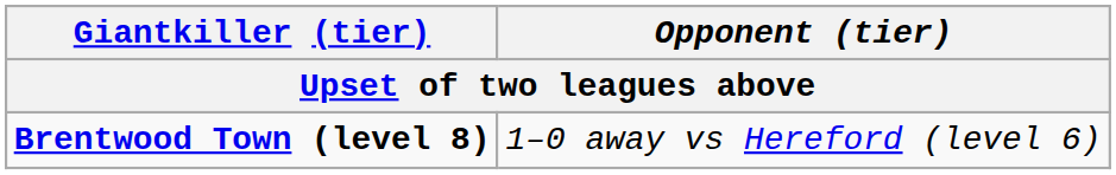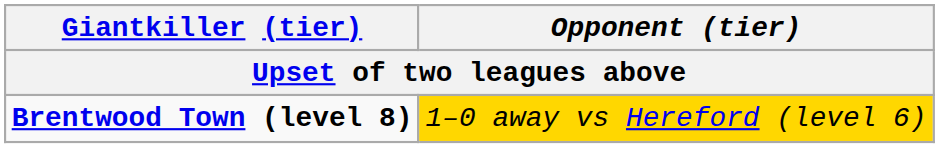 <table class="wikitable" style="text-align:center;">
 <tr>
 <th scope="col"><a href='#'>Giantkiller</a> <a href='#'>(tier)</a></th>
 <th scope="col"><em>Opponent (tier)</em></th>
 </tr>
 <tr>
 <th colspan="2"><a href='#'>Upset</a> of two leagues above</th>
 </tr>
 <tr>
 <td><strong><a href='#'>Brentwood Town</a> (level 8)</strong></td>
-<td><em>1–0 away vs <a href='#'>Hereford</a> (level 6)</em></td>
+<td style="background: gold;"><em>1–0 away vs <a href='#'>Hereford</a> (level 6)</em></td>
 </tr>
 </table>
